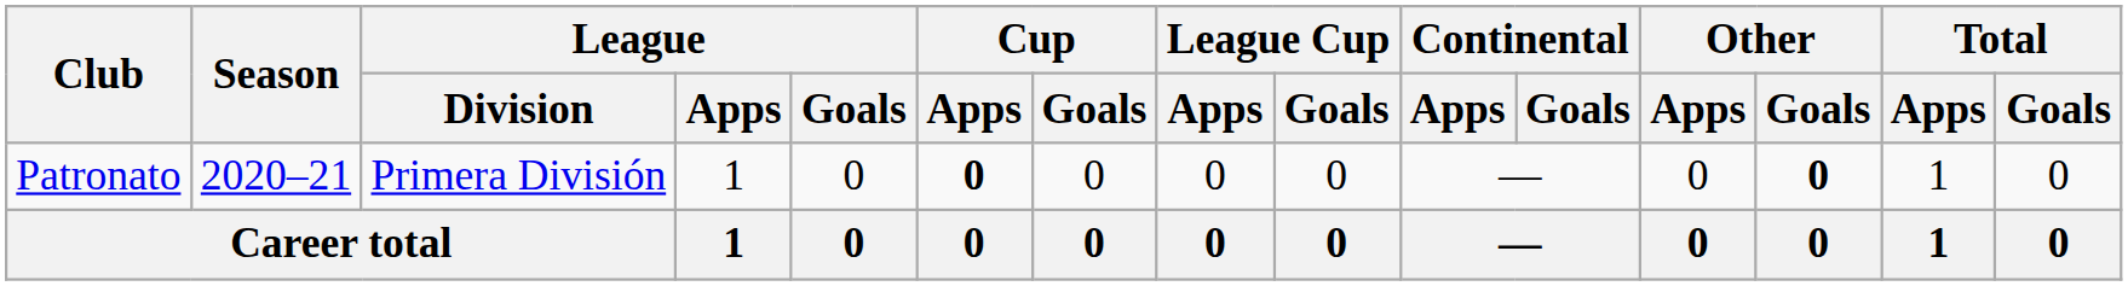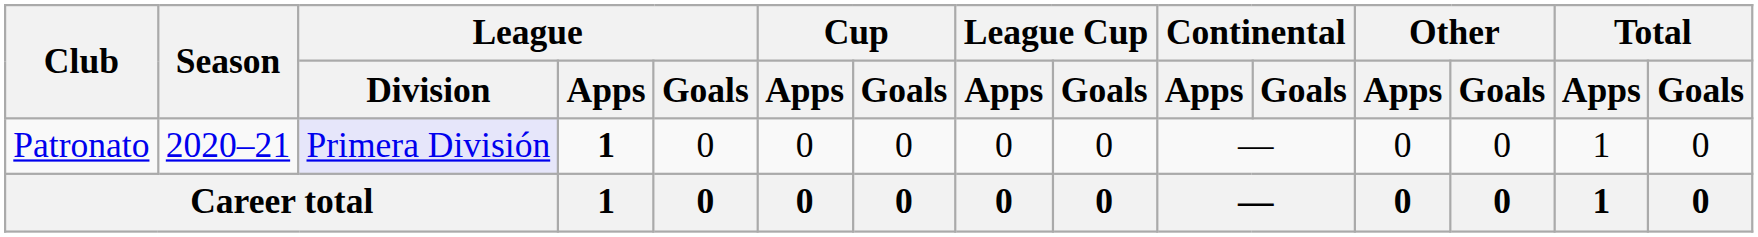 <table class="wikitable" style="text-align:center">
 <tr>
 <th rowspan="2">Club</th>
 <th rowspan="2">Season</th>
 <th colspan="3">League</th>
 <th colspan="2">Cup</th>
 <th colspan="2">League Cup</th>
 <th colspan="2">Continental</th>
 <th colspan="2">Other</th>
 <th colspan="2">Total</th>
 </tr>
 <tr>
 <th>Division</th>
 <th>Apps</th>
 <th>Goals</th>
 <th>Apps</th>
 <th>Goals</th>
 <th>Apps</th>
 <th>Goals</th>
 <th>Apps</th>
 <th>Goals</th>
 <th>Apps</th>
 <th>Goals</th>
 <th>Apps</th>
 <th>Goals</th>
 </tr>
 <tr>
 <td rowspan="1"><a href='#'>Patronato</a></td>
 <td><a href='#'>2020–21</a></td>
-<td rowspan="1"><a href='#'>Primera División</a></td>
-<td>1</td>
+<td rowspan="1" style="background: lavender;"><a href='#'>Primera División</a></td>
+<td><strong>1</strong></td>
 <td>0</td>
-<td><strong>0</strong></td>
+<td>0</td>
 <td>0</td>
 <td>0</td>
 <td>0</td>
 <td colspan="2">—</td>
 <td>0</td>
-<td><strong>0</strong></td>
+<td>0</td>
 <td>1</td>
 <td>0</td>
 </tr>
 <tr>
 <th colspan="3">Career total</th>
 <th>1</th>
 <th>0</th>
 <th>0</th>
 <th>0</th>
 <th>0</th>
 <th>0</th>
 <th colspan="2">—</th>
 <th>0</th>
 <th>0</th>
 <th>1</th>
 <th>0</th>
 </tr>
 </table>
